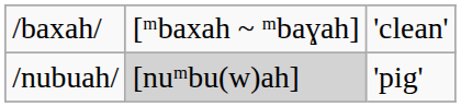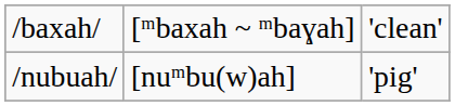 <table class="wikitable">
 <tr>
 <td>/baxah/</td>
 <td>[ᵐbaxah ~ ᵐbaɣah]</td>
 <td>'clean'</td>
 </tr>
 <tr>
 <td>/nubuah/</td>
-<td style="background: lightgrey;">[nuᵐbu(w)ah]</td>
+<td>[nuᵐbu(w)ah]</td>
 <td>'pig'</td>
 </tr>
 </table>
